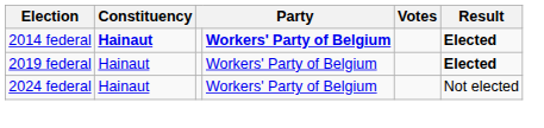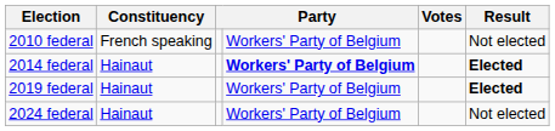 <table class="wikitable" style="text-align:left;">
 <tr>
 <th scope=col>Election</th>
 <th scope=col>Constituency</th>
 <th scope=col colspan="2">Party</th>
 <th scope=col>Votes</th>
 <th scope=col>Result</th>
 </tr>
 <tr>
+<td><a href='#'>2010 federal</a></td>
+<td>French speaking</td>
+<td style="background:"></td>
+<td><a href='#'>Workers' Party of Belgium</a></td>
+<td align=right></td>
+<td>Not elected</td>
+</tr>
+<tr>
 <td><a href='#'>2014 federal</a></td>
-<td><strong><a href='#'>Hainaut</a></strong></td>
+<td><a href='#'>Hainaut</a></td>
 <td style="background:"></td>
 <td><strong><a href='#'>Workers' Party of Belgium</a></strong></td>
 <td align=right></td>
 <td><strong>Elected</strong></td>
 </tr>
 <tr>
 <td><a href='#'>2019 federal</a></td>
 <td><a href='#'>Hainaut</a></td>
 <td style="background:"></td>
 <td><a href='#'>Workers' Party of Belgium</a></td>
 <td align=right></td>
 <td><strong>Elected</strong></td>
 </tr>
 <tr>
 <td><a href='#'>2024 federal</a></td>
 <td><a href='#'>Hainaut</a></td>
 <td style="background:"></td>
 <td><a href='#'>Workers' Party of Belgium</a></td>
 <td align=right></td>
 <td>Not elected</td>
 </tr>
 </table>
